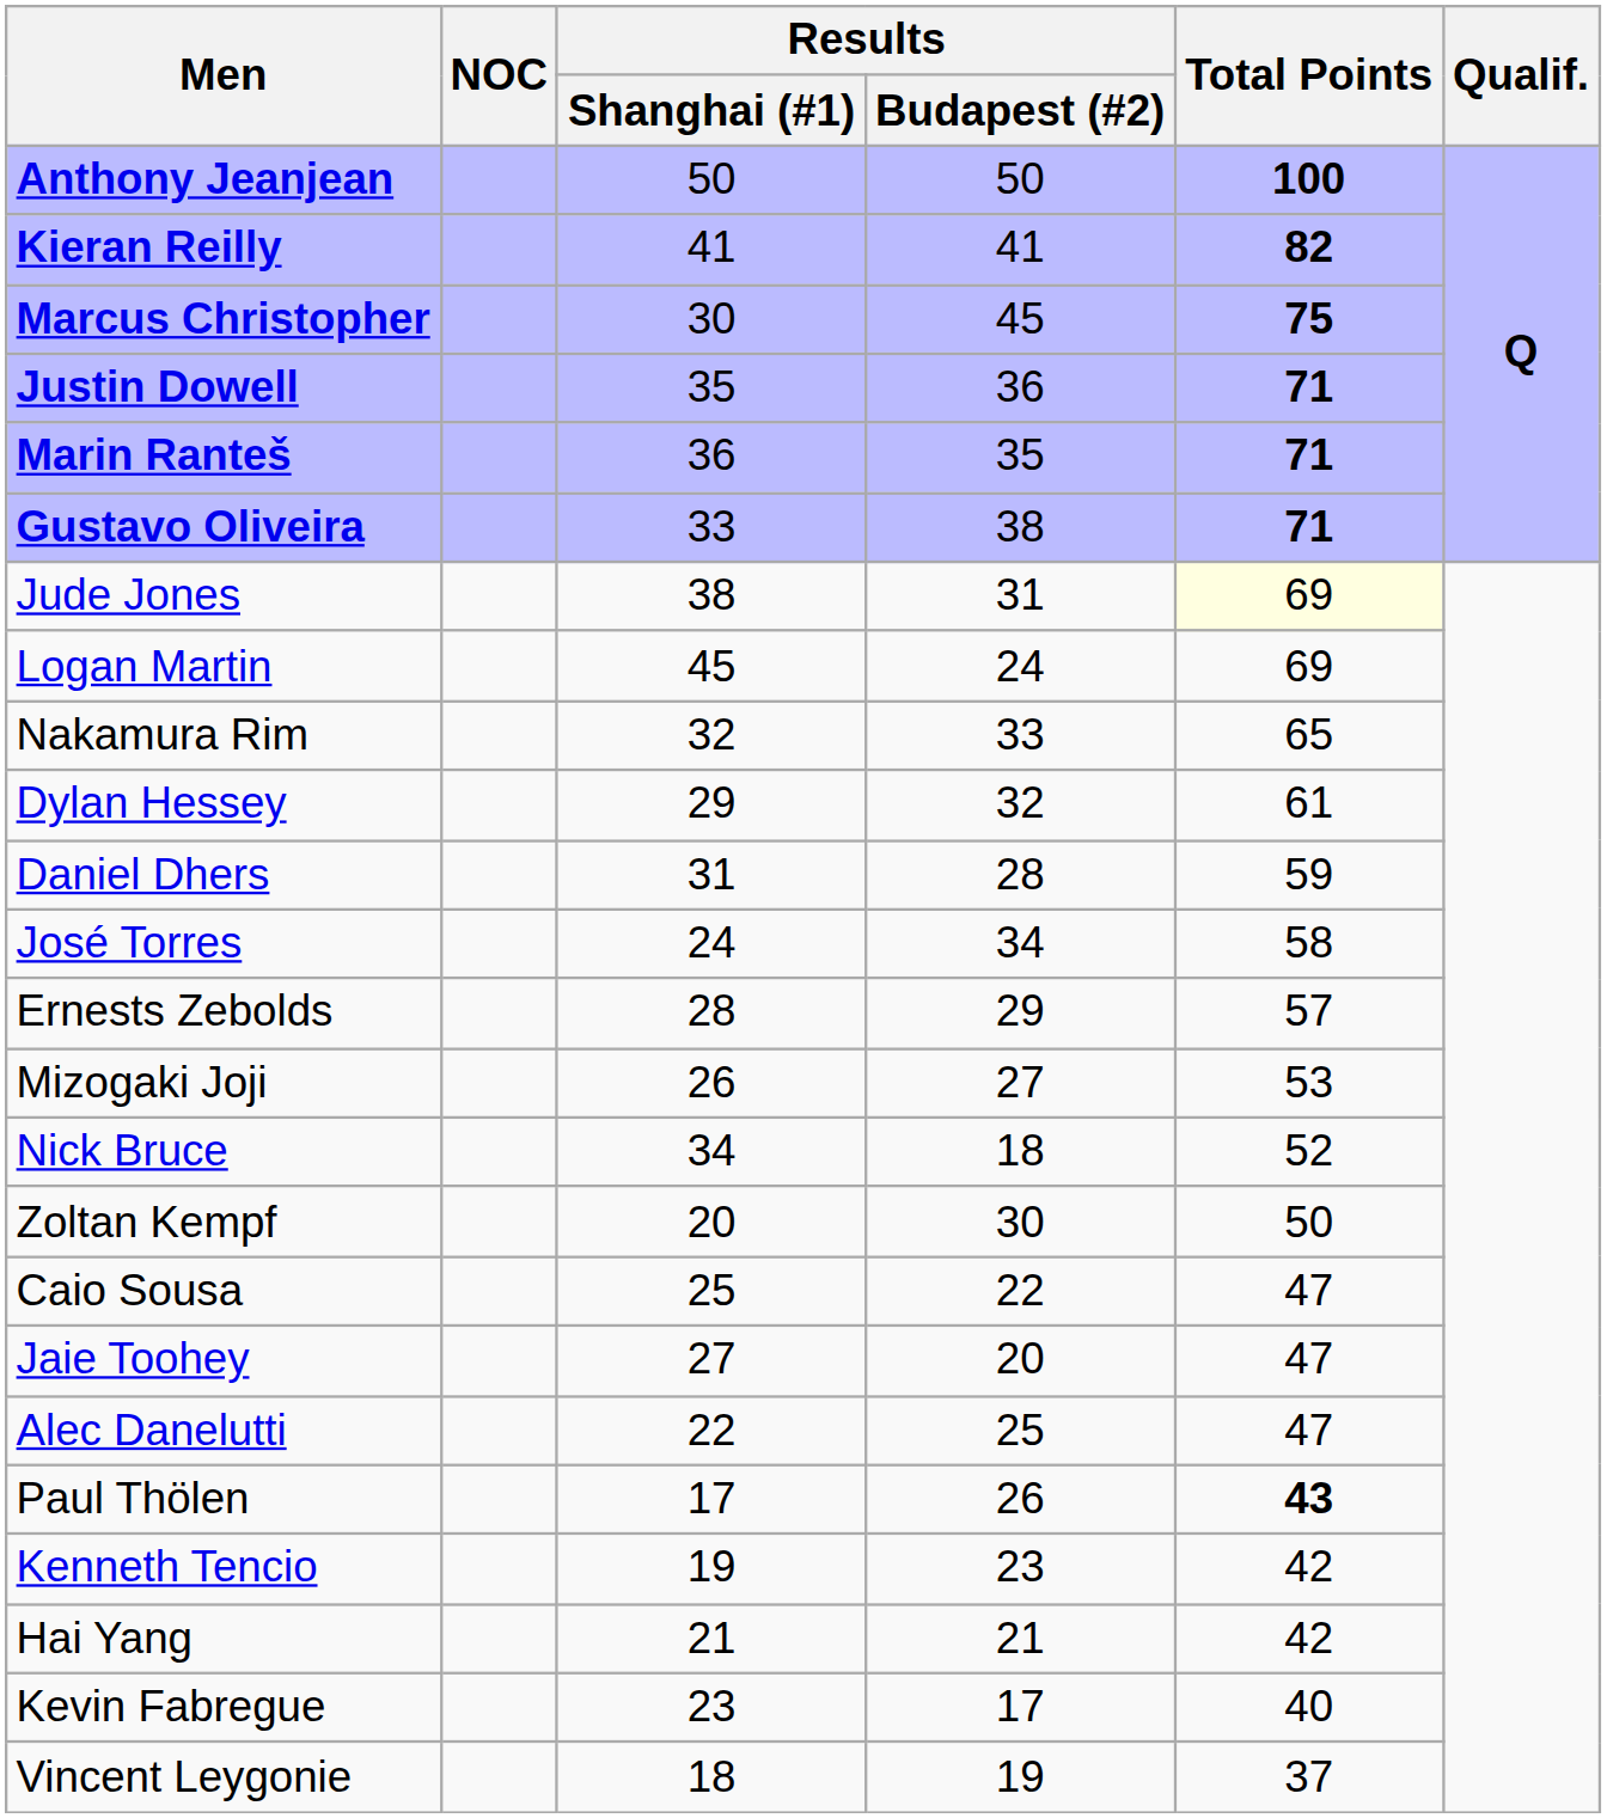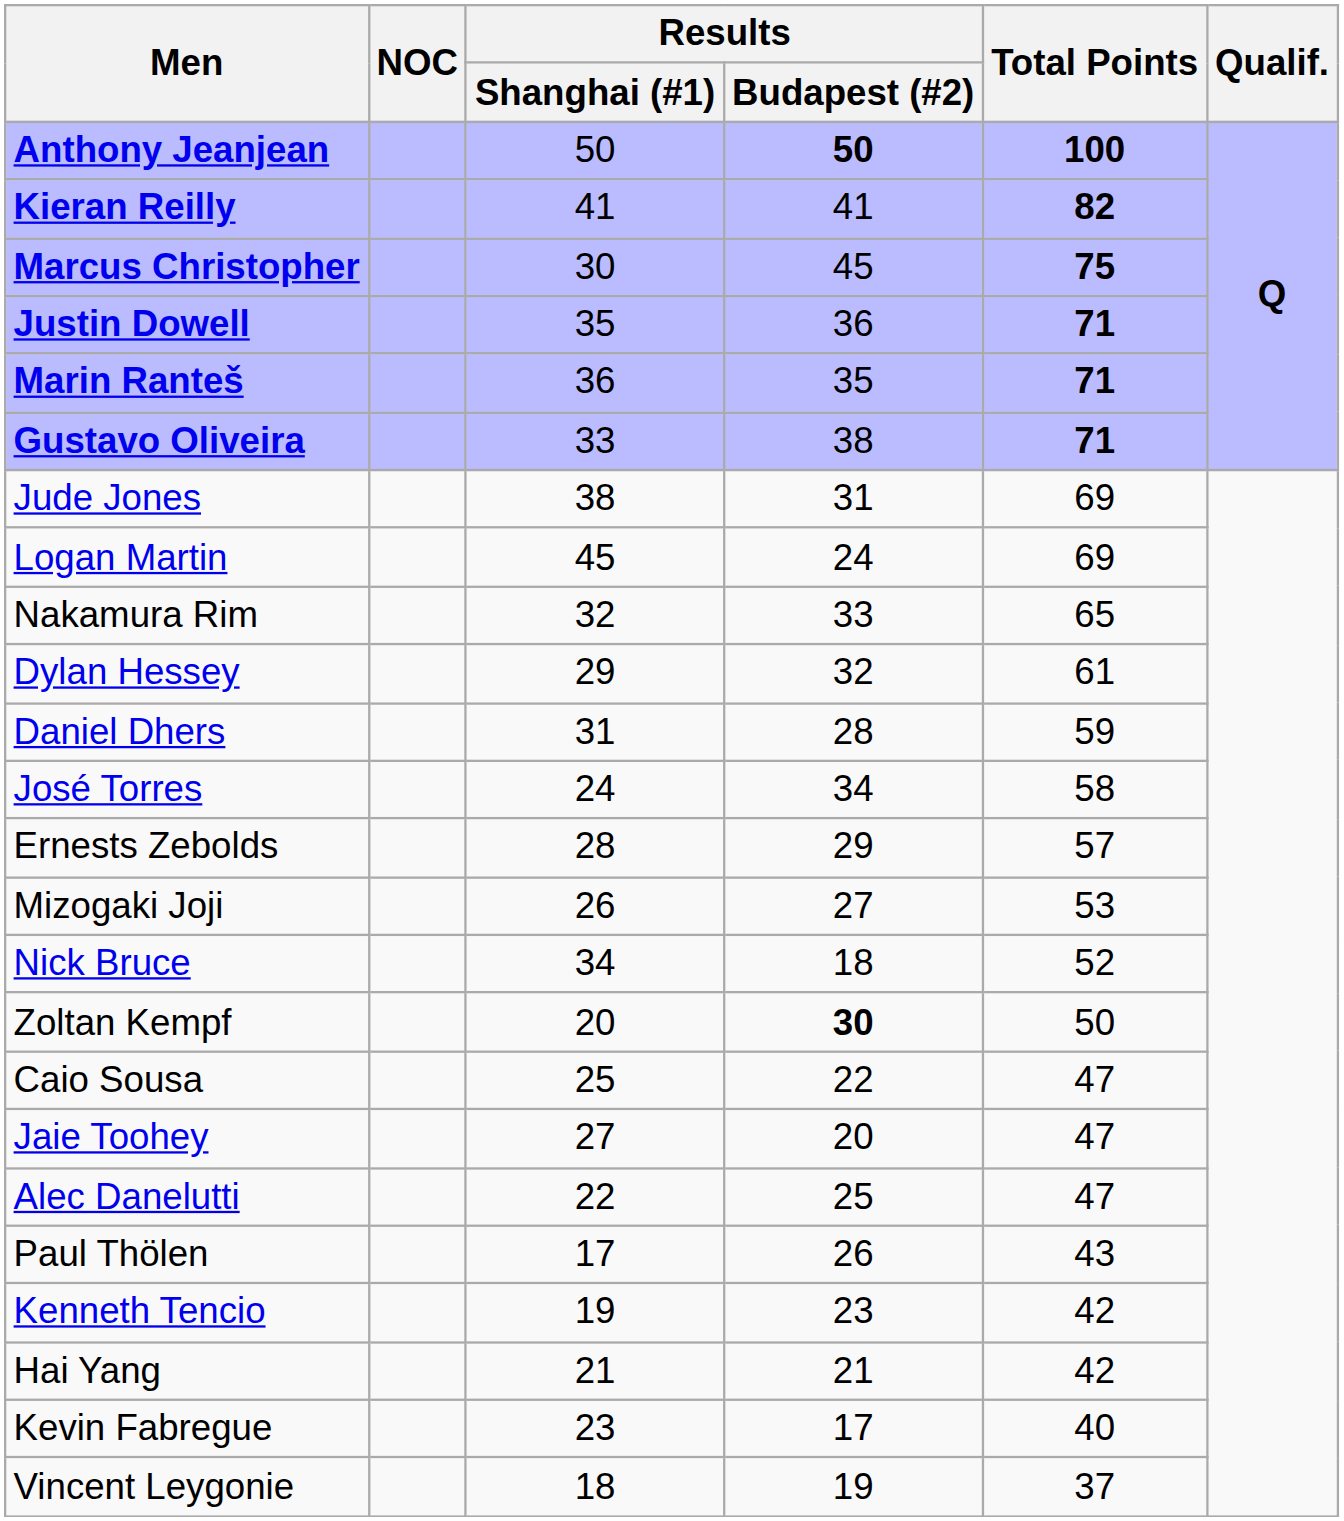 <table class="wikitable sortable" style="text-align:center;">
 <tr>
 <th rowspan="2">Men</th>
 <th rowspan="2">NOC</th>
 <th colspan="2">Results</th>
 <th rowspan="2">Total Points</th>
 <th rowspan="2">Qualif.</th>
 </tr>
 <tr>
 <th>Shanghai (#1)</th>
 <th>Budapest (#2)</th>
 </tr>
 <tr bgcolor="bbbbff">
 <td style="text-align:left;"><strong><a href='#'>Anthony Jeanjean</a></strong></td>
 <td align="left"></td>
 <td>50</td>
-<td>50</td>
+<td><strong>50</strong></td>
 <td><strong>100</strong></td>
 <td rowspan="6"><strong>Q</strong></td>
 </tr>
 <tr bgcolor="bbbbff">
 <td style="text-align:left;"><strong><a href='#'>Kieran Reilly</a></strong></td>
 <td align="left"></td>
 <td>41</td>
 <td>41</td>
 <td><strong>82</strong></td>
 </tr>
 <tr bgcolor="bbbbff">
 <td style="text-align:left;"><strong><a href='#'>Marcus Christopher</a></strong></td>
 <td align="left"></td>
 <td>30</td>
 <td>45</td>
 <td><strong>75</strong></td>
 </tr>
 <tr bgcolor=bbbbff>
 <td style="text-align:left;"><strong><a href='#'>Justin Dowell</a></strong></td>
 <td align=left></td>
 <td>35</td>
 <td>36</td>
 <td><strong>71</strong></td>
 </tr>
 <tr bgcolor="bbbbff">
 <td style="text-align:left;"><strong><a href='#'>Marin Ranteš</a></strong></td>
 <td align="left"></td>
 <td>36</td>
 <td>35</td>
 <td><strong>71</strong></td>
 </tr>
 <tr bgcolor="bbbbff">
 <td style="text-align:left;"><strong><a href='#'>Gustavo Oliveira</a></strong></td>
 <td align="left"></td>
 <td>33</td>
 <td>38</td>
 <td><strong>71</strong></td>
 </tr>
 <tr>
 <td style="text-align:left;"><a href='#'>Jude Jones</a></td>
 <td align="left"></td>
 <td>38</td>
 <td>31</td>
-<td style="background: lightyellow;">69</td>
+<td>69</td>
 <td rowspan="18"></td>
 </tr>
 <tr>
 <td style="text-align:left;"><a href='#'>Logan Martin</a></td>
 <td align="left"></td>
 <td>45</td>
 <td>24</td>
 <td>69</td>
 </tr>
 <tr>
 <td style="text-align:left;">Nakamura Rim</td>
 <td align="left"></td>
 <td>32</td>
 <td>33</td>
 <td>65</td>
 </tr>
 <tr>
 <td style="text-align:left;"><a href='#'>Dylan Hessey</a></td>
 <td align="left"></td>
 <td>29</td>
 <td>32</td>
 <td>61</td>
 </tr>
 <tr>
 <td style="text-align:left;"><a href='#'>Daniel Dhers</a></td>
 <td align="left"></td>
 <td>31</td>
 <td>28</td>
 <td>59</td>
 </tr>
 <tr>
 <td style="text-align:left;"><a href='#'>José Torres</a></td>
 <td align="left"></td>
 <td>24</td>
 <td>34</td>
 <td>58</td>
 </tr>
 <tr>
 <td style="text-align:left;">Ernests Zebolds</td>
 <td align="left"></td>
 <td>28</td>
 <td>29</td>
 <td>57</td>
 </tr>
 <tr>
 <td style="text-align:left;">Mizogaki Joji</td>
 <td align="left"></td>
 <td>26</td>
 <td>27</td>
 <td>53</td>
 </tr>
 <tr>
 <td style="text-align:left;"><a href='#'>Nick Bruce</a></td>
 <td align="left"></td>
 <td>34</td>
 <td>18</td>
 <td>52</td>
 </tr>
 <tr>
 <td style="text-align:left;">Zoltan Kempf</td>
 <td align="left"></td>
 <td>20</td>
-<td>30</td>
+<td><strong>30</strong></td>
 <td>50</td>
 </tr>
 <tr>
 <td style="text-align:left;">Caio Sousa</td>
 <td align="left"></td>
 <td>25</td>
 <td>22</td>
 <td>47</td>
 </tr>
 <tr>
 <td style="text-align:left;"><a href='#'>Jaie Toohey</a></td>
 <td align=left></td>
 <td>27</td>
 <td>20</td>
 <td>47</td>
 </tr>
 <tr>
 <td style="text-align:left;"><a href='#'>Alec Danelutti</a></td>
 <td align=left></td>
 <td>22</td>
 <td>25</td>
 <td>47</td>
 </tr>
 <tr>
 <td style="text-align:left;">Paul Thölen</td>
 <td align=left></td>
 <td>17</td>
 <td>26</td>
-<td><strong>43</strong></td>
+<td>43</td>
 </tr>
 <tr>
 <td style="text-align:left;"><a href='#'>Kenneth Tencio</a></td>
 <td align=left></td>
 <td>19</td>
 <td>23</td>
 <td>42</td>
 </tr>
 <tr>
 <td style="text-align:left;">Hai Yang</td>
 <td align=left></td>
 <td>21</td>
 <td>21</td>
 <td>42</td>
 </tr>
 <tr>
 <td style="text-align:left;">Kevin Fabregue</td>
 <td align=left></td>
 <td>23</td>
 <td>17</td>
 <td>40</td>
 </tr>
 <tr>
 <td style="text-align:left;">Vincent Leygonie</td>
 <td align=left></td>
 <td>18</td>
 <td>19</td>
 <td>37</td>
 </tr>
 </table>
